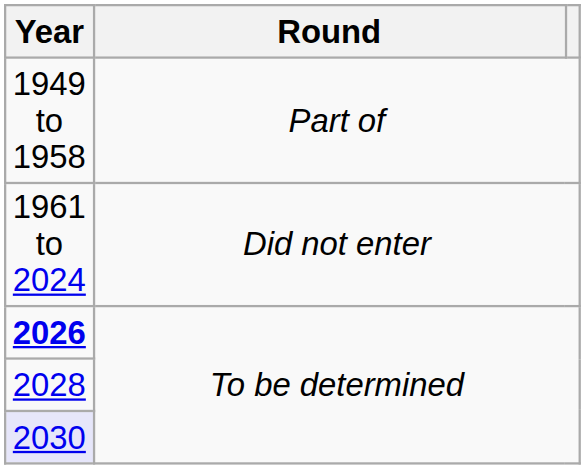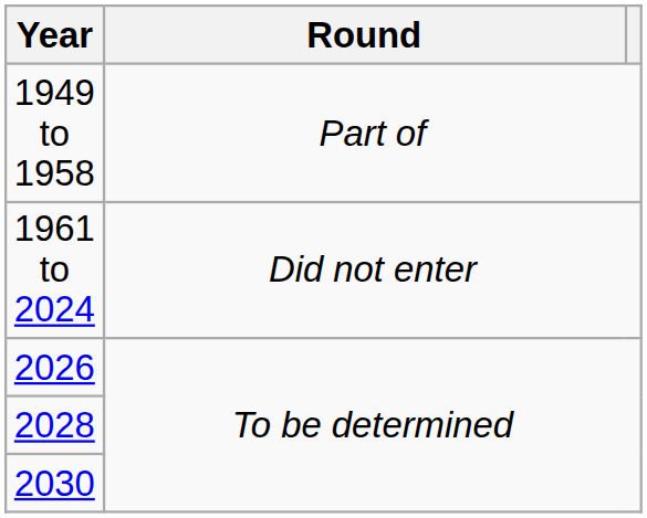 <table class="wikitable" style="text-align: center; font-size:90%">
 <tr>
 <th>Year</th>
 <th style="width:200px">Round</th>
 <th></th>
 </tr>
 <tr>
 <td>1949<br>to<br>1958</td>
 <td colspan="2"><em>Part of </em></td>
 </tr>
 <tr>
 <td>1961<br>to<br><a href='#'>2024</a></td>
 <td colspan="2"><em>Did not enter</em></td>
 </tr>
 <tr>
-<td><strong><a href='#'>2026</a></strong></td>
+<td><a href='#'>2026</a></td>
 <td colspan="2" rowspan="3"><em>To be determined</em></td>
 </tr>
 <tr>
 <td><a href='#'>2028</a></td>
 </tr>
 <tr>
-<td style="background: lavender;"><a href='#'>2030</a></td>
+<td><a href='#'>2030</a></td>
 </tr>
 </table>
